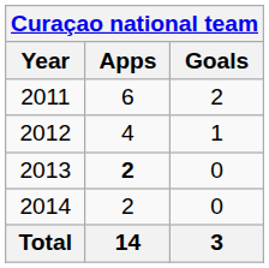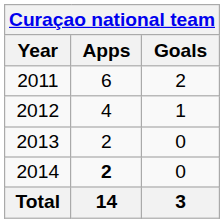 <table class="wikitable" style="text-align:center">
 <tr>
 <th colspan=3><a href='#'>Curaçao national team</a></th>
 </tr>
 <tr>
 <th>Year</th>
 <th>Apps</th>
 <th>Goals</th>
 </tr>
 <tr>
 <td>2011</td>
 <td>6</td>
 <td>2</td>
 </tr>
 <tr>
 <td>2012</td>
 <td>4</td>
 <td>1</td>
 </tr>
 <tr>
 <td>2013</td>
-<td><strong>2</strong></td>
+<td>2</td>
 <td>0</td>
 </tr>
 <tr>
 <td>2014</td>
-<td>2</td>
+<td><strong>2</strong></td>
 <td>0</td>
 </tr>
 <tr>
 <th>Total</th>
 <th>14</th>
 <th>3</th>
 </tr>
 </table>
